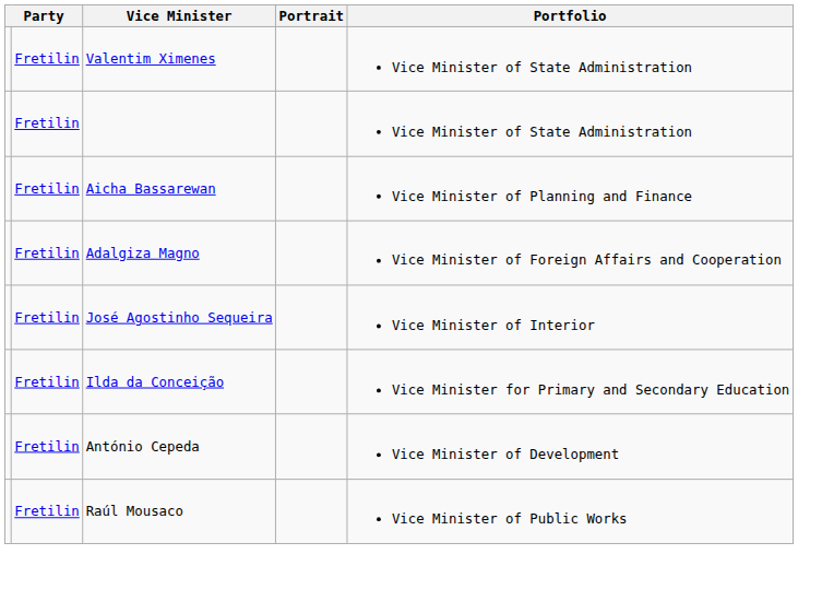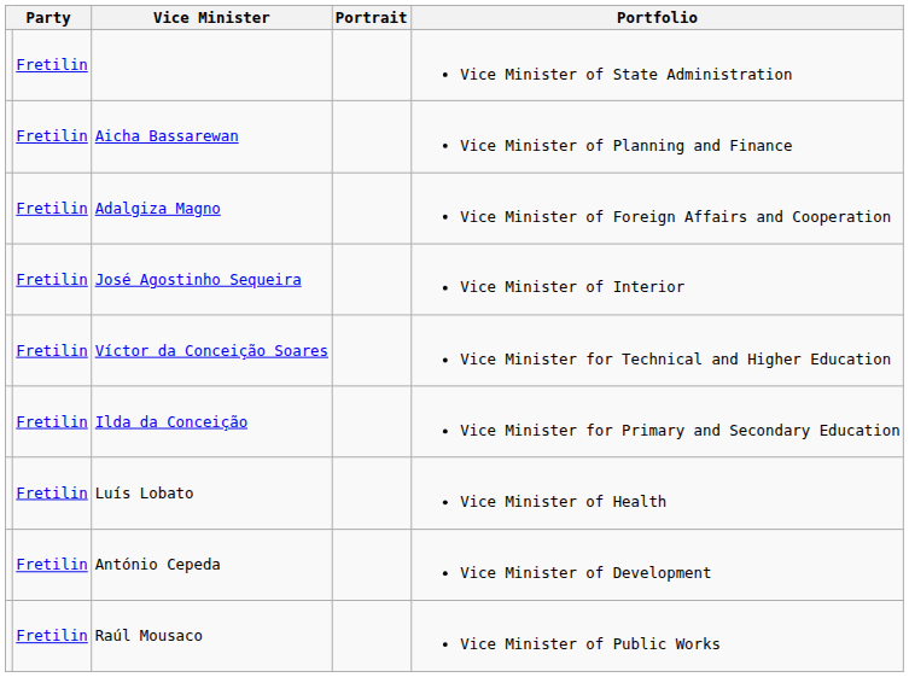 <table class="wikitable sortable">
 <tr>
 <th colspan="2">Party</th>
 <th>Vice Minister</th>
 <th>Portrait</th>
 <th>Portfolio</th>
-</tr>
-<tr>
-<td style="background:"></td>
-<td><a href='#'>Fretilin</a></td>
-<td><a href='#'>Valentim Ximenes</a></td>
-<td></td>
-<td><br><ul><li>Vice Minister of State Administration</li></ul></td>
 </tr>
 <tr>
 <td style="background:"></td>
 <td><a href='#'>Fretilin</a></td>
 <td></td>
 <td></td>
 <td><br><ul><li>Vice Minister of State Administration</li></ul></td>
 </tr>
 <tr>
 <td style="background:"></td>
 <td><a href='#'>Fretilin</a></td>
 <td><a href='#'>Aicha Bassarewan</a></td>
 <td></td>
 <td><br><ul><li>Vice Minister of Planning and Finance</li></ul></td>
 </tr>
 <tr>
 <td style="background:"></td>
 <td><a href='#'>Fretilin</a></td>
 <td><a href='#'>Adalgiza Magno</a></td>
 <td></td>
 <td><br><ul><li>Vice Minister of Foreign Affairs and Cooperation</li></ul></td>
 </tr>
 <tr>
 <td style="background:"></td>
 <td><a href='#'>Fretilin</a></td>
 <td><a href='#'>José Agostinho Sequeira</a></td>
 <td></td>
 <td><br><ul><li>Vice Minister of Interior</li></ul></td>
 </tr>
 <tr>
 <td style="background:"></td>
 <td><a href='#'>Fretilin</a></td>
+<td><a href='#'>Víctor da Conceição Soares</a></td>
+<td></td>
+<td><br><ul><li>Vice Minister for Technical and Higher Education</li></ul></td>
+</tr>
+<tr>
+<td style="background:"></td>
+<td><a href='#'>Fretilin</a></td>
 <td><a href='#'>Ilda da Conceição</a></td>
 <td></td>
 <td><br><ul><li>Vice Minister for Primary and Secondary Education</li></ul></td>
+</tr>
+<tr>
+<td style="background:"></td>
+<td><a href='#'>Fretilin</a></td>
+<td>Luís Lobato</td>
+<td></td>
+<td><br><ul><li>Vice Minister of Health</li></ul></td>
 </tr>
 <tr>
 <td style="background:"></td>
 <td><a href='#'>Fretilin</a></td>
 <td>António Cepeda</td>
 <td></td>
 <td><br><ul><li>Vice Minister of Development</li></ul></td>
 </tr>
 <tr>
 <td style="background:"></td>
 <td><a href='#'>Fretilin</a></td>
 <td>Raúl Mousaco</td>
 <td></td>
 <td><br><ul><li>Vice Minister of Public Works</li></ul></td>
 </tr>
 </table>
